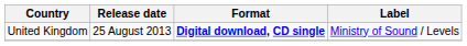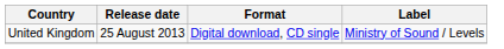 <table class="wikitable plainrowheaders">
 <tr>
 <th scope="col">Country</th>
 <th scope="col">Release date</th>
 <th scope="col">Format</th>
 <th scope="col">Label</th>
 </tr>
 <tr>
 <td>United Kingdom</td>
 <td>25 August 2013</td>
-<td><strong><a href='#'>Digital download</a>, <a href='#'>CD single</a></strong></td>
+<td><a href='#'>Digital download</a>, <a href='#'>CD single</a></td>
 <td><a href='#'>Ministry of Sound</a> / Levels</td>
 </tr>
 <tr>
 </tr>
 </table>
